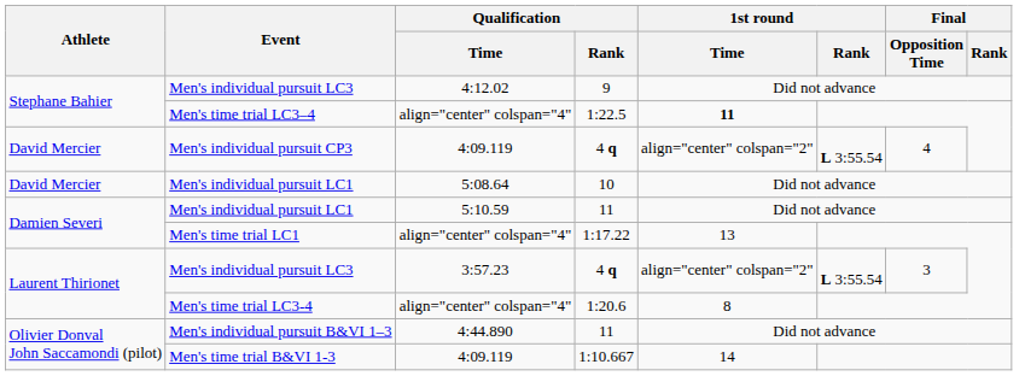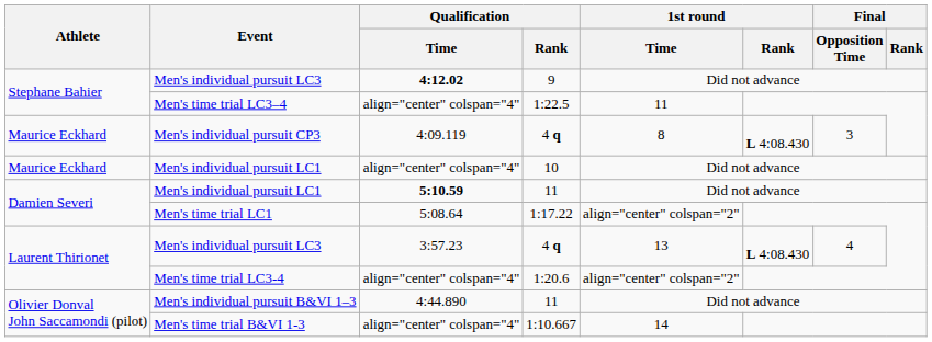 <table class=wikitable style="font-size:90%">
 <tr>
 <th rowspan="2">Athlete</th>
 <th rowspan="2">Event</th>
 <th colspan="2">Qualification</th>
 <th colspan="2">1st round</th>
 <th colspan="2">Final</th>
 </tr>
 <tr>
 <th>Time</th>
 <th>Rank</th>
 <th>Time</th>
 <th>Rank</th>
 <th>Opposition<br>Time</th>
 <th>Rank</th>
 </tr>
 <tr>
 <td rowspan="2"><a href='#'>Stephane Bahier</a></td>
 <td><a href='#'>Men's individual pursuit LC3</a></td>
-<td align="center">4:12.02</td>
+<td align="center"><strong>4:12.02</strong></td>
 <td align="center">9</td>
 <td align="center" colspan="4">Did not advance</td>
 </tr>
 <tr>
 <td><a href='#'>Men's time trial LC3–4</a></td>
 <td>align="center" colspan="4" </td>
 <td align="center">1:22.5</td>
-<td align="center"><strong>11</strong></td>
+<td align="center">11</td>
 </tr>
 <tr>
-<td><a href='#'>David Mercier</a></td>
+<td><a href='#'>Maurice Eckhard</a></td>
 <td><a href='#'>Men's individual pursuit CP3</a></td>
 <td align="center">4:09.119</td>
 <td align="center">4 <strong>q</strong></td>
-<td>align="center" colspan="2" </td>
-<td align="center"><br> <strong>L</strong> 3:55.54</td>
-<td align="center">4</td>
+<td align="center">8</td>
+<td align="center"><br> <strong>L</strong> 4:08.430</td>
+<td align="center">3</td>
 </tr>
 <tr>
-<td><a href='#'>David Mercier</a></td>
+<td><a href='#'>Maurice Eckhard</a></td>
 <td><a href='#'>Men's individual pursuit LC1</a></td>
-<td align="center">5:08.64</td>
+<td>align="center" colspan="4" </td>
 <td align="center">10</td>
 <td align="center" colspan="4">Did not advance</td>
 </tr>
 <tr>
 <td rowspan="2"><a href='#'>Damien Severi</a></td>
 <td><a href='#'>Men's individual pursuit LC1</a></td>
-<td align="center">5:10.59</td>
+<td align="center"><strong>5:10.59</strong></td>
 <td align="center">11</td>
 <td align="center" colspan="4">Did not advance</td>
 </tr>
 <tr>
 <td><a href='#'>Men's time trial LC1</a></td>
-<td>align="center" colspan="4" </td>
+<td align="center">5:08.64</td>
 <td align="center">1:17.22</td>
-<td align="center">13</td>
+<td>align="center" colspan="2" </td>
 </tr>
 <tr>
 <td rowspan="2"><a href='#'>Laurent Thirionet</a></td>
 <td><a href='#'>Men's individual pursuit LC3</a></td>
 <td align="center">3:57.23</td>
 <td align="center">4 <strong>q</strong></td>
-<td>align="center" colspan="2" </td>
-<td align="center"><br> <strong>L</strong> 3:55.54</td>
-<td align="center">3</td>
+<td align="center">13</td>
+<td align="center"><br> <strong>L</strong> 4:08.430</td>
+<td align="center">4</td>
 </tr>
 <tr>
 <td><a href='#'>Men's time trial LC3-4</a></td>
 <td>align="center" colspan="4" </td>
 <td align="center">1:20.6</td>
-<td align="center">8</td>
+<td>align="center" colspan="2" </td>
 </tr>
 <tr>
 <td rowspan="2"><a href='#'>Olivier Donval</a><br> <a href='#'>John Saccamondi</a> (pilot)</td>
 <td><a href='#'>Men's individual pursuit B&VI 1–3</a></td>
 <td align="center">4:44.890</td>
 <td align="center">11</td>
 <td align="center" colspan="4">Did not advance</td>
 </tr>
 <tr>
 <td><a href='#'>Men's time trial B&VI 1-3</a></td>
-<td align="center">4:09.119</td>
+<td>align="center" colspan="4" </td>
 <td align="center">1:10.667</td>
 <td align="center">14</td>
 </tr>
 </table>
